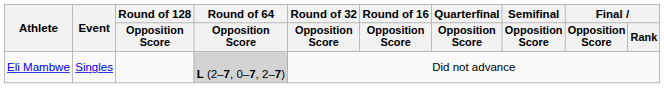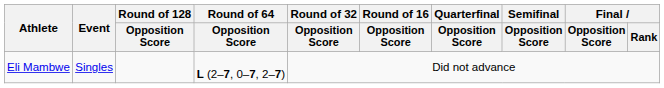 <table class=wikitable style="font-size:90%">
 <tr>
 <th rowspan=2>Athlete</th>
 <th rowspan=2>Event</th>
 <th>Round of 128</th>
 <th>Round of 64</th>
 <th>Round of 32</th>
 <th>Round of 16</th>
 <th>Quarterfinal</th>
 <th>Semifinal</th>
 <th colspan=2>Final / </th>
 </tr>
 <tr style="font-size:95%">
 <th>Opposition<br>Score</th>
 <th>Opposition<br>Score</th>
 <th>Opposition<br>Score</th>
 <th>Opposition<br>Score</th>
 <th>Opposition<br>Score</th>
 <th>Opposition<br>Score</th>
 <th>Opposition<br>Score</th>
 <th>Rank</th>
 </tr>
 <tr align=center>
 <td align=left><a href='#'>Eli Mambwe</a></td>
 <td align=left><a href='#'>Singles</a></td>
 <td></td>
-<td style="background: lightgrey;"><br><strong>L</strong> (2–<strong>7</strong>, 0–<strong>7</strong>, 2–<strong>7</strong>)</td>
+<td><br><strong>L</strong> (2–<strong>7</strong>, 0–<strong>7</strong>, 2–<strong>7</strong>)</td>
 <td colspan=6>Did not advance</td>
 </tr>
 </table>
